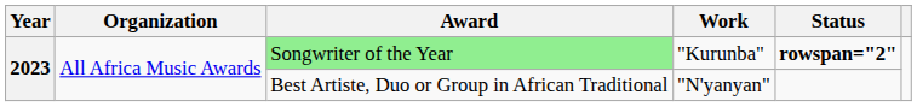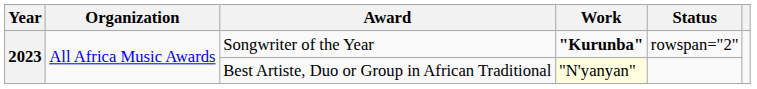 <table class="wikitable plainrowheaders">
 <tr>
 <th scope="col">Year</th>
 <th scope="col">Organization</th>
 <th scope="col">Award</th>
 <th scope="col">Work</th>
 <th scope="col">Status</th>
 <th scope="col"></th>
 </tr>
 <tr>
 <th scope="row" rowspan="2">2023</th>
 <td rowspan="2"><a href='#'>All Africa Music Awards</a></td>
-<td style="background: lightgreen;">Songwriter of the Year</td>
-<td>"Kurunba"</td>
-<td><strong>rowspan="2" </strong></td>
+<td>Songwriter of the Year</td>
+<td><strong>"Kurunba"</strong></td>
+<td>rowspan="2" </td>
 <td rowspan="2"></td>
 </tr>
 <tr>
 <td>Best Artiste, Duo or Group in African Traditional</td>
-<td>"N'yanyan"</td>
+<td style="background: lightyellow;">"N'yanyan"</td>
 </tr>
 </table>
